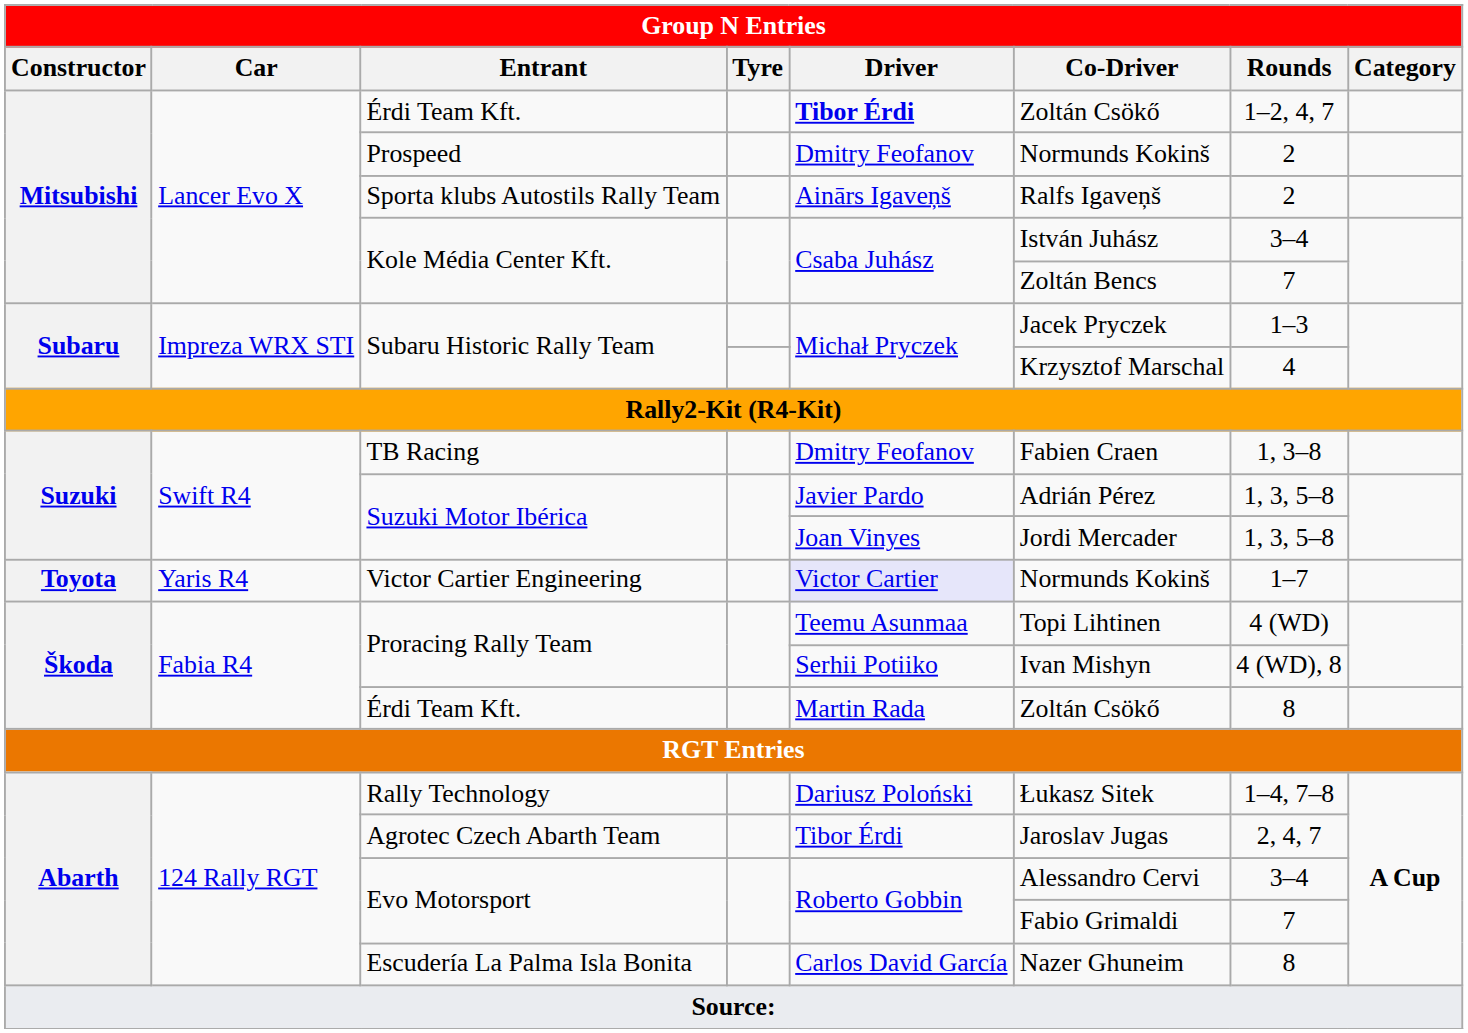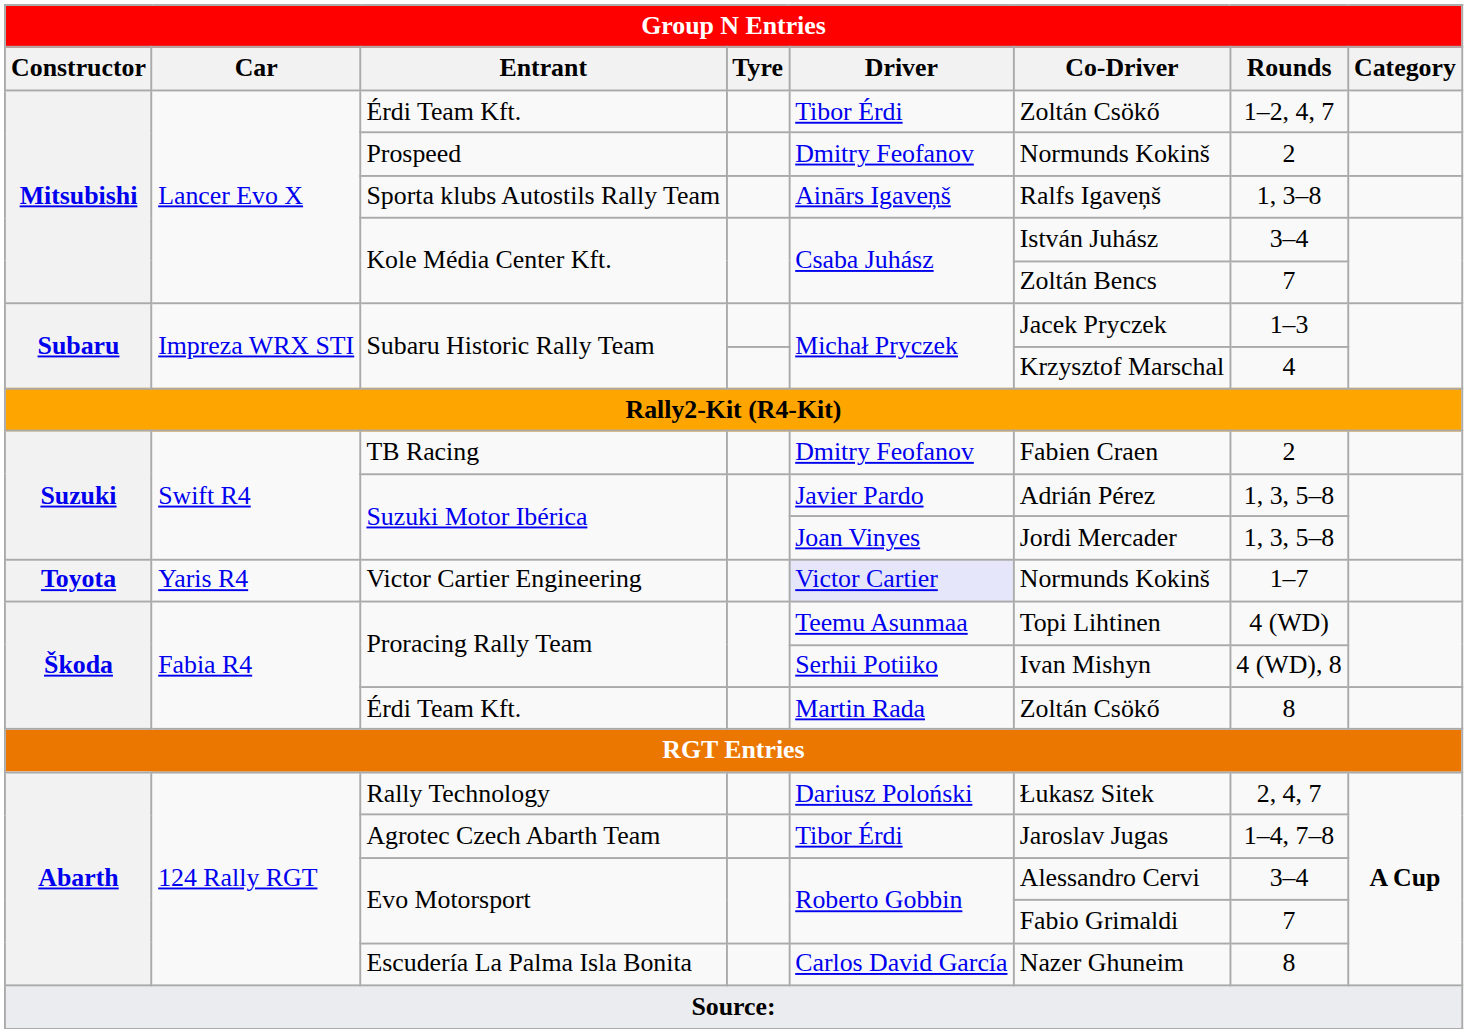 <table class="wikitable" style="font-size: 85%">
 <tr>
 <th colspan="8" style="color:white;background-color:red;">Group N Entries</th>
 </tr>
 <tr>
 <th>Constructor</th>
 <th>Car</th>
 <th>Entrant</th>
 <th>Tyre</th>
 <th>Driver</th>
 <th>Co-Driver</th>
 <th>Rounds</th>
 <th>Category</th>
 </tr>
 <tr>
 <th rowspan="5"><a href='#'>Mitsubishi</a></th>
 <td rowspan="5"><a href='#'>Lancer Evo X</a></td>
 <td> Érdi Team Kft.</td>
 <td align="center"></td>
-<td><strong> <a href='#'>Tibor Érdi</a></strong></td>
+<td> <a href='#'>Tibor Érdi</a></td>
 <td> Zoltán Csökő</td>
 <td align="center">1–2, 4, 7</td>
 <td></td>
 </tr>
 <tr>
 <td> Prospeed</td>
 <td align="center"></td>
 <td> <a href='#'>Dmitry Feofanov</a></td>
 <td> Normunds Kokinš</td>
 <td align="center">2</td>
 <td></td>
 </tr>
 <tr>
 <td> Sporta klubs Autostils Rally Team</td>
 <td align="center"></td>
 <td> <a href='#'>Ainārs Igaveņš</a></td>
 <td> Ralfs Igaveņš</td>
-<td align="center">2</td>
+<td align="center">1, 3–8</td>
 <td></td>
 </tr>
 <tr>
 <td rowspan="2"> Kole Média Center Kft.</td>
 <td align="center" rowspan="2"></td>
 <td rowspan="2"> <a href='#'>Csaba Juhász</a></td>
 <td> István Juhász</td>
 <td align="center">3–4</td>
 <td rowspan="2"></td>
 </tr>
 <tr>
 <td> Zoltán Bencs</td>
 <td align="center">7</td>
 </tr>
 <tr>
 <th rowspan="2"><a href='#'>Subaru</a></th>
 <td rowspan="2"><a href='#'>Impreza WRX STI</a></td>
 <td rowspan="2"> Subaru Historic Rally Team</td>
 <td align="center"></td>
 <td rowspan="2"> <a href='#'>Michał Pryczek</a></td>
 <td> Jacek Pryczek</td>
 <td align="center">1–3</td>
 <td rowspan="2"></td>
 </tr>
 <tr>
 <td align="center"></td>
 <td> Krzysztof Marschal</td>
 <td align="center">4</td>
 </tr>
 <tr>
 <th colspan="8" style="color:black;background-color:orange;">Rally2-Kit (R4-Kit)</th>
 </tr>
 <tr>
 <th rowspan="3"><a href='#'>Suzuki</a></th>
 <td rowspan="3"><a href='#'>Swift R4</a></td>
 <td> TB Racing</td>
 <td align="center"></td>
 <td> <a href='#'>Dmitry Feofanov</a></td>
 <td> Fabien Craen</td>
-<td align="center">1, 3–8</td>
+<td align="center">2</td>
 <td></td>
 </tr>
 <tr>
 <td rowspan="2"> <a href='#'>Suzuki Motor Ibérica</a></td>
 <td rowspan="2" align="center"></td>
 <td> <a href='#'>Javier Pardo</a></td>
 <td> Adrián Pérez</td>
 <td align="center">1, 3, 5–8</td>
 <td rowspan="2"></td>
 </tr>
 <tr>
 <td> <a href='#'>Joan Vinyes</a></td>
 <td> Jordi Mercader</td>
 <td align="center">1, 3, 5–8</td>
 </tr>
 <tr>
 <th><a href='#'>Toyota</a></th>
 <td><a href='#'>Yaris R4</a></td>
 <td> Victor Cartier Engineering</td>
 <td align="center"></td>
 <td style="background: lavender;"> <a href='#'>Victor Cartier</a></td>
 <td> Normunds Kokinš</td>
 <td align="center">1–7</td>
 <td></td>
 </tr>
 <tr>
 <th rowspan="3"><a href='#'>Škoda</a></th>
 <td rowspan="3"><a href='#'>Fabia R4</a></td>
 <td rowspan="2"> Proracing Rally Team</td>
 <td rowspan="2" align="center"></td>
 <td> <a href='#'>Teemu Asunmaa</a></td>
 <td> Topi Lihtinen</td>
 <td align="center">4 (WD)</td>
 <td rowspan="2"></td>
 </tr>
 <tr>
 <td> <a href='#'>Serhii Potiiko</a></td>
 <td> Ivan Mishyn</td>
 <td align="center">4 (WD), 8</td>
 </tr>
 <tr>
 <td> Érdi Team Kft.</td>
 <td align="center"></td>
 <td> <a href='#'>Martin Rada</a></td>
 <td> Zoltán Csökő</td>
 <td align="center">8</td>
 <td></td>
 </tr>
 <tr>
 <th colspan="8" style="color:white;background-color:#eb7700;">RGT Entries</th>
 </tr>
 <tr>
 <th rowspan="5"><a href='#'>Abarth</a></th>
 <td rowspan="5"><a href='#'>124 Rally RGT</a></td>
 <td> Rally Technology</td>
 <td align="center"></td>
 <td> <a href='#'>Dariusz Poloński</a></td>
 <td> Łukasz Sitek</td>
-<td align="center">1–4, 7–8</td>
+<td align="center">2, 4, 7</td>
 <td rowspan="5" align="center"><strong><span>A Cup</span></strong></td>
 </tr>
 <tr>
 <td> Agrotec Czech Abarth Team</td>
 <td align="center"></td>
 <td> <a href='#'>Tibor Érdi</a></td>
 <td> Jaroslav Jugas</td>
-<td align="center">2, 4, 7</td>
+<td align="center">1–4, 7–8</td>
 </tr>
 <tr>
 <td rowspan="2"> Evo Motorsport</td>
 <td align="center" rowspan="2"></td>
 <td rowspan="2"> <a href='#'>Roberto Gobbin</a></td>
 <td> Alessandro Cervi</td>
 <td align="center">3–4</td>
 </tr>
 <tr>
 <td> Fabio Grimaldi</td>
 <td align="center">7</td>
 </tr>
 <tr>
 <td> Escudería La Palma Isla Bonita</td>
 <td align="center"></td>
 <td> <a href='#'>Carlos David García</a></td>
 <td> Nazer Ghuneim</td>
 <td align="center">8</td>
 </tr>
 <tr>
 <td colspan="9" style="background-color:#EAECF0;text-align:center"><strong>Source:</strong></td>
 </tr>
 <tr>
 </tr>
 </table>
